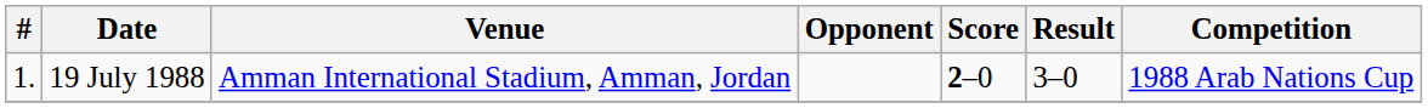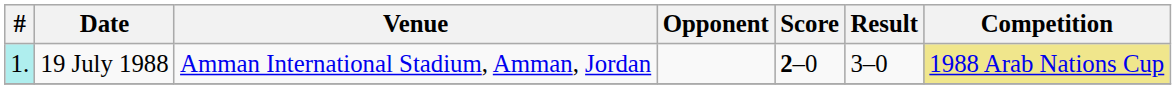 <table class="wikitable">
 <tr>
 <th>#</th>
 <th>Date</th>
 <th>Venue</th>
 <th>Opponent</th>
 <th>Score</th>
 <th>Result</th>
 <th>Competition</th>
 </tr>
 <tr>
-<td>1.</td>
+<td style="background: paleturquoise;">1.</td>
 <td>19 July 1988</td>
 <td><a href='#'>Amman International Stadium</a>, <a href='#'>Amman</a>, <a href='#'>Jordan</a></td>
 <td></td>
 <td><strong>2</strong>–0</td>
 <td>3–0</td>
-<td><a href='#'>1988 Arab Nations Cup</a></td>
+<td style="background: khaki;"><a href='#'>1988 Arab Nations Cup</a></td>
 </tr>
 <tr>
 </tr>
 </table>
